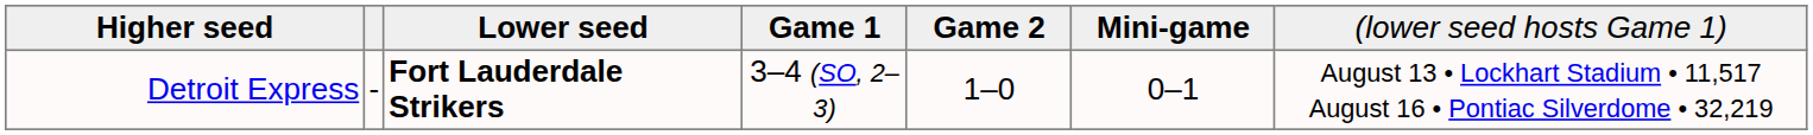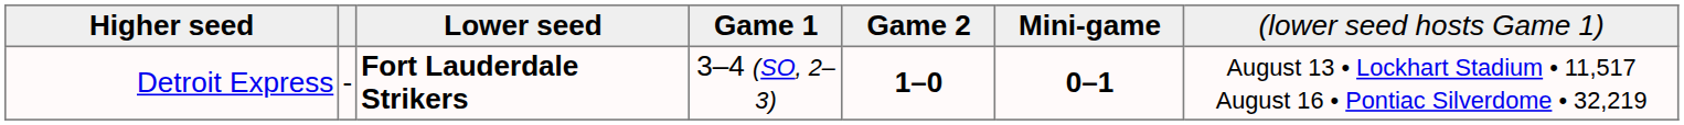 <table style=border-collapse:collapse border=1 cellspacing=0 cellpadding=2>
 <tr align=center bgcolor=#efefef>
 <th width=180>Higher seed</th>
 <th width=5></th>
 <th width=180>Lower seed</th>
 <th width=80>Game 1</th>
 <th width=80>Game 2</th>
 <th width=100>Mini-game</th>
 <td width=270><em>(lower seed hosts Game 1)</em></td>
 </tr>
 <tr align=center bgcolor=fffafa>
 <td align=right><a href='#'>Detroit Express</a></td>
 <td>-</td>
 <td align=left><strong>Fort Lauderdale Strikers</strong></td>
 <td>3–4 <small><em>(<a href='#'>SO</a>, 2–3)</em></small></td>
-<td>1–0</td>
-<td>0–1</td>
+<td><strong>1–0</strong></td>
+<td><strong>0–1</strong></td>
 <td><small>August 13 • <a href='#'>Lockhart Stadium</a> • 11,517<br>August 16 • <a href='#'>Pontiac Silverdome</a> • 32,219</small></td>
 </tr>
 </table>
